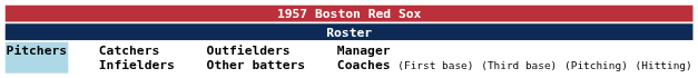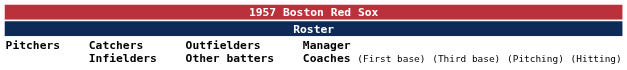 <table class="toccolours" style="text-align: left;">
 <tr>
 <th colspan="10" style="background-color: #ba313c; color: white; text-align: center;">1957 Boston Red Sox</th>
 </tr>
 <tr>
 <td colspan="10" style="background-color: #0d2b56; color: white; text-align: center;"><strong>Roster</strong></td>
 </tr>
 <tr>
-<td valign="top" style="background: lightblue;"><strong>Pitchers</strong><br>                </td>
+<td valign="top"><strong>Pitchers</strong><br>                </td>
 <td width="25px"></td>
 <td valign="top"><strong>Catchers</strong><br>   <strong>Infielders</strong>         </td>
 <td width="25px"></td>
 <td valign="top"><strong>Outfielders</strong><br>     <strong>Other batters</strong>   </td>
 <td width="25px"></td>
 <td valign="top"><strong>Manager</strong><br> <strong>Coaches</strong>  <small>(First base)</small>  <small>(Third base)</small>  <small>(Pitching)</small>  <small>(Hitting)</small></td>
 </tr>
 <tr>
 </tr>
 </table>
